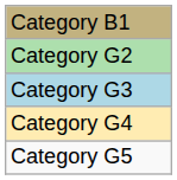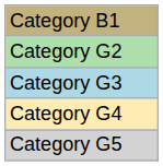 <table class="wikitable" style="font-size:85%;" width=12%>
 <tr bgcolor=#C2B280>
 <td>Category B1</td>
 </tr>
 <tr bgcolor="#ADDFAD">
 <td>Category G2</td>
 </tr>
 <tr bgcolor="lightblue">
 <td>Category G3</td>
 </tr>
 <tr bgcolor=#ffecb2>
 <td>Category G4</td>
 </tr>
 <tr>
-<td>Category G5</td>
+<td style="background: lightgrey;">Category G5</td>
 </tr>
 </table>
